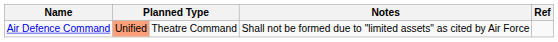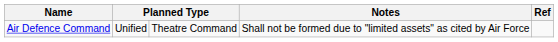 <table class="wikitable">
 <tr>
 <th>Name</th>
 <th colspan="2">Planned Type</th>
 <th>Notes</th>
 <th>Ref</th>
 </tr>
 <tr>
 <td><a href='#'>Air Defence Command</a></td>
-<td style="background: lightsalmon;">Unified</td>
+<td>Unified</td>
 <td>Theatre Command</td>
 <td>Shall not be formed due to "limited assets" as cited by Air Force</td>
 <td></td>
 </tr>
 </table>
